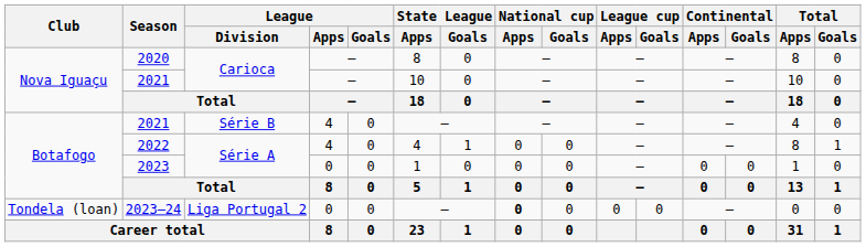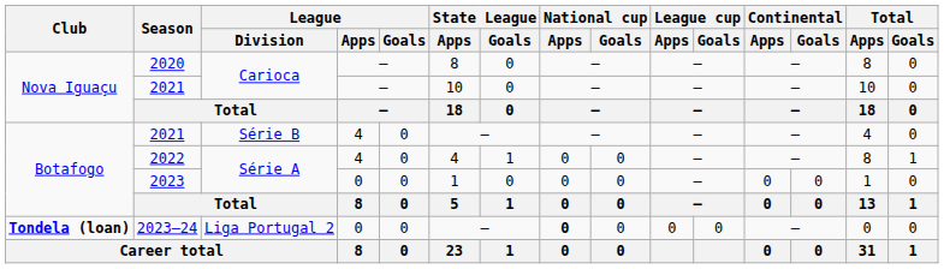 <table class="wikitable" style="text-align: center">
 <tr>
 <th rowspan="2">Club</th>
 <th rowspan="2">Season</th>
 <th colspan="3">League</th>
 <th colspan="2">State League</th>
 <th colspan="2">National cup</th>
 <th colspan="2">League cup</th>
 <th colspan="2">Continental</th>
 <th colspan="2">Total</th>
 </tr>
 <tr>
 <th>Division</th>
 <th>Apps</th>
 <th>Goals</th>
 <th>Apps</th>
 <th>Goals</th>
 <th>Apps</th>
 <th>Goals</th>
 <th>Apps</th>
 <th>Goals</th>
 <th>Apps</th>
 <th>Goals</th>
 <th>Apps</th>
 <th>Goals</th>
 </tr>
 <tr>
 <td rowspan="3"><a href='#'>Nova Iguaçu</a></td>
 <td><a href='#'>2020</a></td>
 <td rowspan="2"><a href='#'>Carioca</a></td>
 <td colspan="2">—</td>
 <td>8</td>
 <td>0</td>
 <td colspan="2">—</td>
 <td colspan="2">—</td>
 <td colspan="2">—</td>
 <td>8</td>
 <td>0</td>
 </tr>
 <tr>
 <td><a href='#'>2021</a></td>
 <td colspan="2">—</td>
 <td>10</td>
 <td>0</td>
 <td colspan="2">—</td>
 <td colspan="2">—</td>
 <td colspan="2">—</td>
 <td>10</td>
 <td>0</td>
 </tr>
 <tr>
 <th colspan="2">Total</th>
 <th colspan="2">—</th>
 <th>18</th>
 <th>0</th>
 <th colspan="2">—</th>
 <th colspan="2">—</th>
 <th colspan="2">—</th>
 <th>18</th>
 <th>0</th>
 </tr>
 <tr>
 <td rowspan="4"><a href='#'>Botafogo</a></td>
 <td><a href='#'>2021</a></td>
 <td><a href='#'>Série B</a></td>
 <td>4</td>
 <td>0</td>
 <td colspan="2">—</td>
 <td colspan="2">—</td>
 <td colspan="2">—</td>
 <td colspan="2">—</td>
 <td>4</td>
 <td>0</td>
 </tr>
 <tr>
 <td><a href='#'>2022</a></td>
 <td rowspan="2"><a href='#'>Série A</a></td>
 <td>4</td>
 <td>0</td>
 <td>4</td>
 <td>1</td>
 <td>0</td>
 <td>0</td>
 <td colspan="2">—</td>
 <td colspan="2">—</td>
 <td>8</td>
 <td>1</td>
 </tr>
 <tr>
 <td><a href='#'>2023</a></td>
 <td>0</td>
 <td>0</td>
 <td>1</td>
 <td>0</td>
 <td>0</td>
 <td>0</td>
 <td colspan="2">—</td>
 <td>0</td>
 <td>0</td>
 <td>1</td>
 <td>0</td>
 </tr>
 <tr>
 <th colspan="2">Total</th>
 <th>8</th>
 <th>0</th>
 <th>5</th>
 <th>1</th>
 <th>0</th>
 <th>0</th>
 <th colspan="2">—</th>
 <th>0</th>
 <th>0</th>
 <th>13</th>
 <th>1</th>
 </tr>
 <tr>
-<td><a href='#'>Tondela</a> (loan)</td>
+<td><strong><a href='#'>Tondela</a> (loan)</strong></td>
 <td><a href='#'>2023–24</a></td>
 <td><a href='#'>Liga Portugal 2</a></td>
 <td>0</td>
 <td>0</td>
 <td colspan="2">—</td>
 <td><strong>0</strong></td>
 <td>0</td>
 <td>0</td>
 <td>0</td>
 <td colspan="2">—</td>
 <td>0</td>
 <td>0</td>
 </tr>
 <tr>
 <th colspan="3"><strong>Career total</strong></th>
 <th>8</th>
 <th>0</th>
 <th>23</th>
 <th>1</th>
 <th>0</th>
 <th>0</th>
 <th></th>
 <th></th>
 <th>0</th>
 <th>0</th>
 <th>31</th>
 <th>1</th>
 </tr>
 </table>
